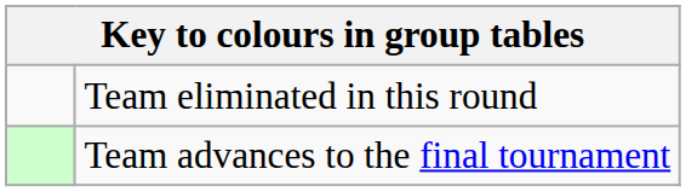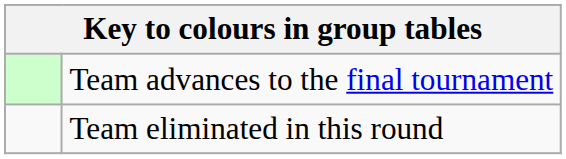 <table class="wikitable" style="text-align: center;">
 <tr>
 <th colspan=2>Key to colours in group tables</th>
 </tr>
 <tr>
+<td style="background:#cfc; width:22px;"></td>
+<td align=left>Team advances to the <a href='#'>final tournament</a></td>
+</tr>
+<tr>
 <td style="background:"></td>
 <td align=left>Team eliminated in this round</td>
 </tr>
-<tr>
-<td style="background:#cfc; width:22px;"></td>
-<td align=left>Team advances to the <a href='#'>final tournament</a></td>
-</tr>
 </table>
